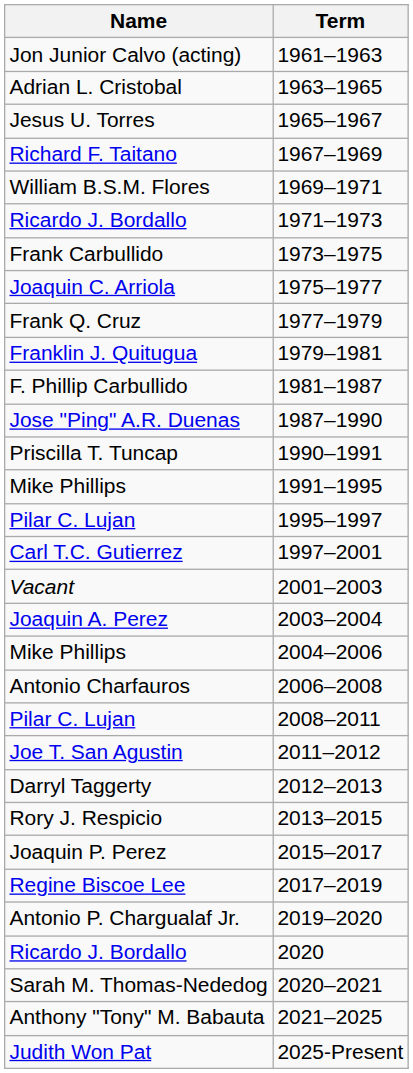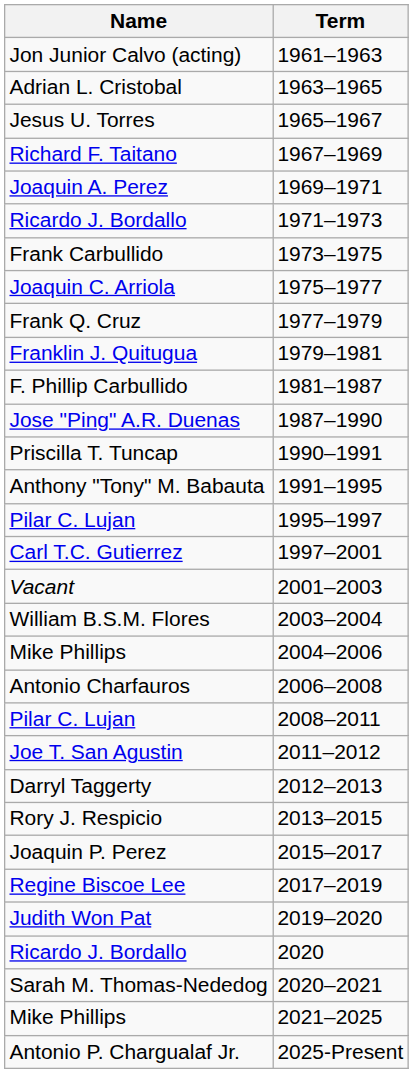 <table class="wikitable">
 <tr>
 <th>Name</th>
 <th>Term</th>
 </tr>
 <tr>
 <td>Jon Junior Calvo (acting)</td>
 <td>1961–1963</td>
 </tr>
 <tr>
 <td>Adrian L. Cristobal</td>
 <td>1963–1965</td>
 </tr>
 <tr>
 <td>Jesus U. Torres</td>
 <td>1965–1967</td>
 </tr>
 <tr>
 <td><a href='#'>Richard F. Taitano</a></td>
 <td>1967–1969</td>
 </tr>
 <tr>
-<td>William B.S.M. Flores</td>
+<td><a href='#'>Joaquin A. Perez</a></td>
 <td>1969–1971</td>
 </tr>
 <tr>
 <td><a href='#'>Ricardo J. Bordallo</a></td>
 <td>1971–1973</td>
 </tr>
 <tr>
 <td>Frank Carbullido</td>
 <td>1973–1975</td>
 </tr>
 <tr>
 <td><a href='#'>Joaquin C. Arriola</a></td>
 <td>1975–1977</td>
 </tr>
 <tr>
 <td>Frank Q. Cruz</td>
 <td>1977–1979</td>
 </tr>
 <tr>
 <td><a href='#'>Franklin J. Quitugua</a></td>
 <td>1979–1981</td>
 </tr>
 <tr>
 <td>F. Phillip Carbullido</td>
 <td>1981–1987</td>
 </tr>
 <tr>
 <td><a href='#'>Jose "Ping" A.R. Duenas</a></td>
 <td>1987–1990</td>
 </tr>
 <tr>
 <td>Priscilla T. Tuncap</td>
 <td>1990–1991</td>
 </tr>
 <tr>
-<td>Mike Phillips</td>
+<td>Anthony "Tony" M. Babauta</td>
 <td>1991–1995</td>
 </tr>
 <tr>
 <td><a href='#'>Pilar C. Lujan</a></td>
 <td>1995–1997</td>
 </tr>
 <tr>
 <td><a href='#'>Carl T.C. Gutierrez</a></td>
 <td>1997–2001</td>
 </tr>
 <tr>
 <td><em>Vacant</em></td>
 <td>2001–2003</td>
 </tr>
 <tr>
-<td><a href='#'>Joaquin A. Perez</a></td>
+<td>William B.S.M. Flores</td>
 <td>2003–2004</td>
 </tr>
 <tr>
 <td>Mike Phillips</td>
 <td>2004–2006</td>
 </tr>
 <tr>
 <td>Antonio Charfauros</td>
 <td>2006–2008</td>
 </tr>
 <tr>
 <td><a href='#'>Pilar C. Lujan</a></td>
 <td>2008–2011</td>
 </tr>
 <tr>
 <td><a href='#'>Joe T. San Agustin</a></td>
 <td>2011–2012</td>
 </tr>
 <tr>
 <td>Darryl Taggerty</td>
 <td>2012–2013</td>
 </tr>
 <tr>
 <td>Rory J. Respicio</td>
 <td>2013–2015</td>
 </tr>
 <tr>
 <td>Joaquin P. Perez</td>
 <td>2015–2017</td>
 </tr>
 <tr>
 <td><a href='#'>Regine Biscoe Lee</a></td>
 <td>2017–2019</td>
 </tr>
 <tr>
-<td>Antonio P. Chargualaf Jr.</td>
+<td><a href='#'>Judith Won Pat</a></td>
 <td>2019–2020</td>
 </tr>
 <tr>
 <td><a href='#'>Ricardo J. Bordallo</a></td>
 <td>2020</td>
 </tr>
 <tr>
 <td>Sarah M. Thomas-Nededog</td>
 <td>2020–2021</td>
 </tr>
 <tr>
-<td>Anthony "Tony" M. Babauta</td>
+<td>Mike Phillips</td>
 <td>2021–2025</td>
 </tr>
 <tr>
-<td><a href='#'>Judith Won Pat</a></td>
+<td>Antonio P. Chargualaf Jr.</td>
 <td>2025-Present</td>
 </tr>
 </table>
